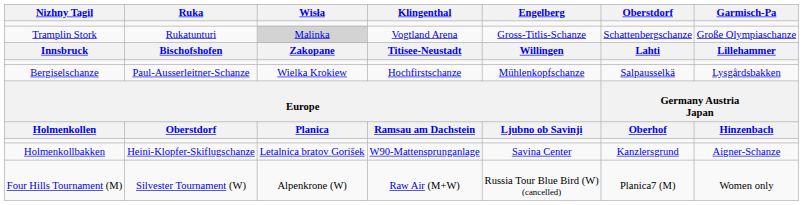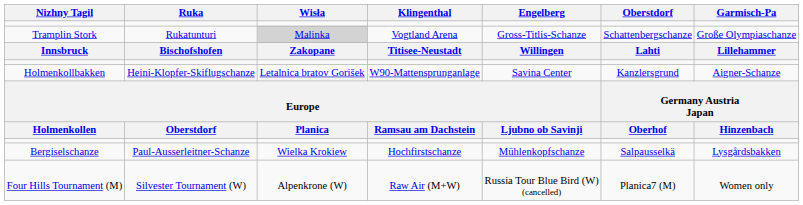 <table class="wikitable" style="text-align:center">
 <tr>
 <th> <a href='#'>Nizhny Tagil</a></th>
 <th> <a href='#'>Ruka</a></th>
 <th> <a href='#'>Wisła</a></th>
 <th> <a href='#'>Klingenthal</a></th>
 <th> <a href='#'>Engelberg</a></th>
 <th> <a href='#'>Oberstdorf</a></th>
 <th> <a href='#'>Garmisch-Pa</a></th>
 </tr>
 <tr>
 <td></td>
 <td></td>
 <td></td>
 <td></td>
 <td></td>
 <td></td>
 <td></td>
 </tr>
 <tr>
 <td><a href='#'>Tramplin Stork</a></td>
 <td><a href='#'>Rukatunturi</a></td>
 <td style="background: lightgrey;"><a href='#'>Malinka</a></td>
 <td><a href='#'>Vogtland Arena</a></td>
 <td><a href='#'>Gross-Titlis-Schanze</a></td>
 <td><a href='#'>Schattenbergschanze</a></td>
 <td><a href='#'>Große Olympiaschanze</a></td>
 </tr>
 <tr>
 <th> <a href='#'>Innsbruck</a></th>
 <th> <a href='#'>Bischofshofen</a></th>
 <th> <a href='#'>Zakopane</a></th>
 <th> <a href='#'>Titisee-Neustadt</a></th>
 <th> <a href='#'>Willingen</a></th>
 <th> <a href='#'>Lahti</a></th>
 <th> <a href='#'>Lillehammer</a></th>
 </tr>
 <tr>
 <td></td>
 <td></td>
 <td></td>
 <td></td>
 <td></td>
 <td></td>
 <td></td>
 </tr>
 <tr>
-<td><a href='#'>Bergiselschanze</a></td>
-<td><a href='#'>Paul-Ausserleitner-Schanze</a></td>
-<td><a href='#'>Wielka Krokiew</a></td>
-<td><a href='#'>Hochfirstschanze</a></td>
-<td><a href='#'>Mühlenkopfschanze</a></td>
-<td><a href='#'>Salpausselkä</a></td>
-<td><a href='#'>Lysgårdsbakken</a></td>
+<td><a href='#'>Holmenkollbakken</a></td>
+<td><a href='#'>Heini-Klopfer-Skiflugschanze</a></td>
+<td><a href='#'>Letalnica bratov Gorišek</a></td>
+<td><a href='#'>W90-Mattensprunganlage</a></td>
+<td><a href='#'>Savina Center</a></td>
+<td><a href='#'>Kanzlersgrund</a></td>
+<td><a href='#'>Aigner-Schanze</a></td>
 </tr>
 <tr>
 <th colspan="5"><br>Europe </th>
 <th colspan="2"><br>Germany  Austria <br>Japan </th>
 </tr>
 <tr>
 <th> <a href='#'>Holmenkollen</a></th>
 <th> <a href='#'>Oberstdorf</a></th>
 <th> <a href='#'>Planica</a></th>
 <th> <a href='#'>Ramsau am Dachstein</a></th>
 <th> <a href='#'>Ljubno ob Savinji</a></th>
 <th> <a href='#'>Oberhof</a></th>
 <th> <a href='#'>Hinzenbach</a></th>
 </tr>
 <tr>
 <td></td>
 <td></td>
 <td></td>
 <td></td>
 <td></td>
 <td></td>
 <td></td>
 </tr>
 <tr>
-<td><a href='#'>Holmenkollbakken</a></td>
-<td><a href='#'>Heini-Klopfer-Skiflugschanze</a></td>
-<td><a href='#'>Letalnica bratov Gorišek</a></td>
-<td><a href='#'>W90-Mattensprunganlage</a></td>
-<td><a href='#'>Savina Center</a></td>
-<td><a href='#'>Kanzlersgrund</a></td>
-<td><a href='#'>Aigner-Schanze</a></td>
+<td><a href='#'>Bergiselschanze</a></td>
+<td><a href='#'>Paul-Ausserleitner-Schanze</a></td>
+<td><a href='#'>Wielka Krokiew</a></td>
+<td><a href='#'>Hochfirstschanze</a></td>
+<td><a href='#'>Mühlenkopfschanze</a></td>
+<td><a href='#'>Salpausselkä</a></td>
+<td><a href='#'>Lysgårdsbakken</a></td>
 </tr>
 <tr>
 <td rowspan=3 align=center><br><a href='#'>Four Hills Tournament</a> (M)</td>
 <td rowspan=3 align=center><br><a href='#'>Silvester Tournament</a> (W)</td>
 <td rowspan=3 align=center><br>Alpenkrone (W)</td>
 <td rowspan=3 align=center><br><a href='#'>Raw Air</a> (M+W)</td>
 <td rowspan=3 align=center><br>Russia Tour Blue Bird (W)<br><small>(cancelled)</small></td>
 <td rowspan=3 align=center><br>Planica7 (M)</td>
 <td rowspan=3 align=center><br>Women only</td>
 </tr>
 </table>
